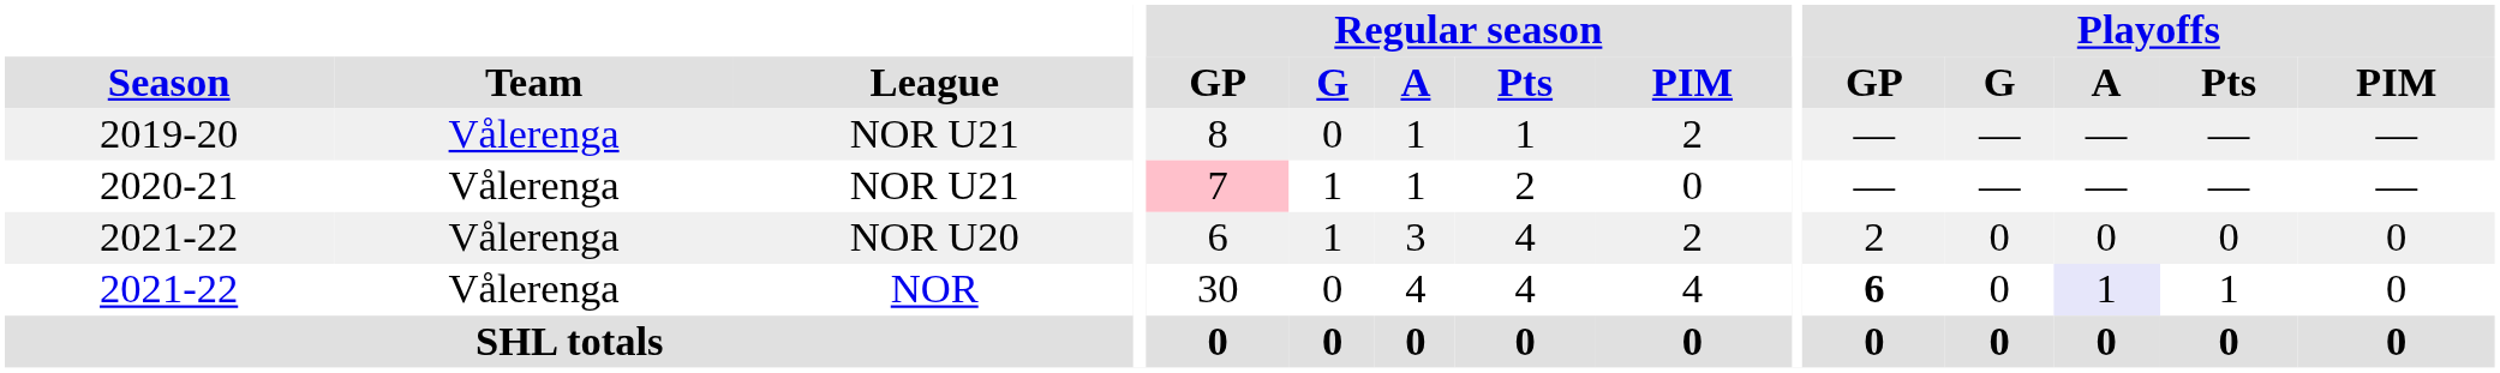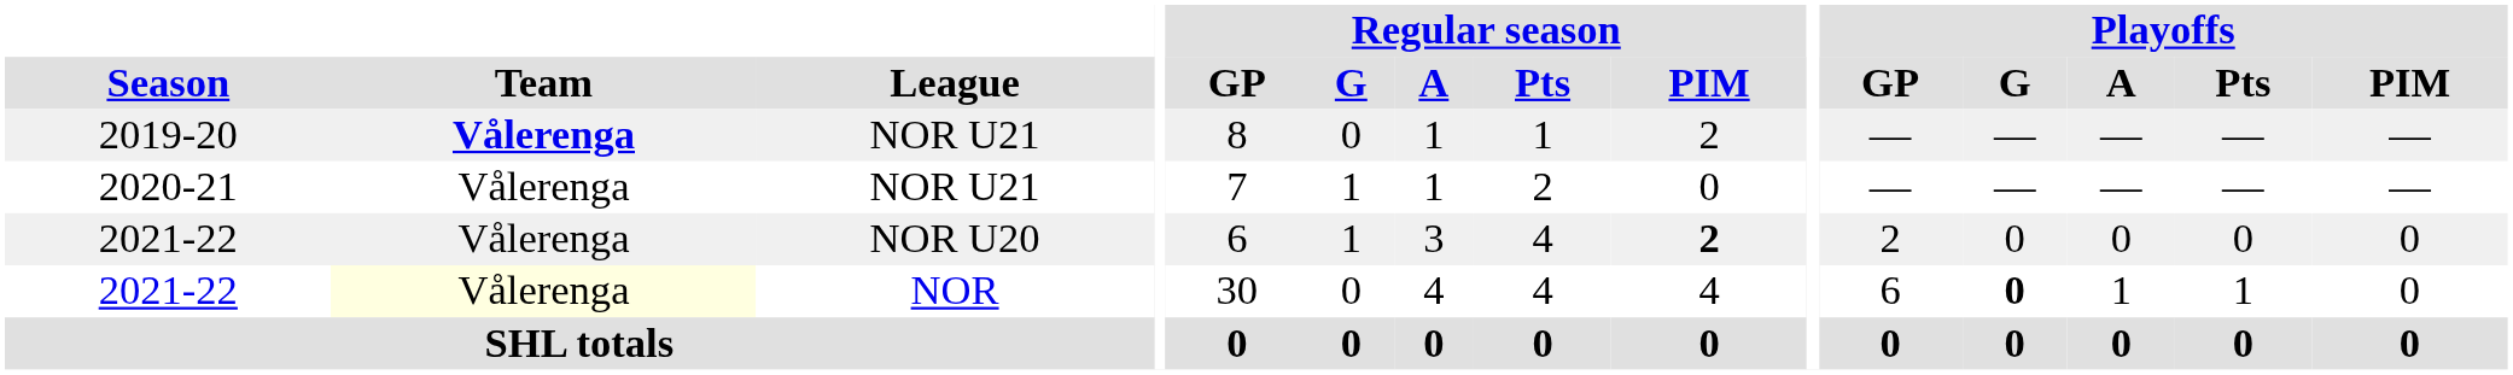 <table border="0" cellpadding="1" cellspacing="0" style="text-align:center; width:60em">
 <tr bgcolor="#e0e0e0">
 <th colspan="3" bgcolor="#ffffff"></th>
 <th rowspan="99" bgcolor="#ffffff"></th>
 <th colspan="5"><a href='#'>Regular season</a></th>
 <th rowspan="99" bgcolor="#ffffff"></th>
 <th colspan="5"><a href='#'>Playoffs</a></th>
 </tr>
 <tr bgcolor="#e0e0e0">
 <th><a href='#'>Season</a></th>
 <th>Team</th>
 <th>League</th>
 <th>GP</th>
 <th><a href='#'>G</a></th>
 <th><a href='#'>A</a></th>
 <th><a href='#'>Pts</a></th>
 <th><a href='#'>PIM</a></th>
 <th>GP</th>
 <th>G</th>
 <th>A</th>
 <th>Pts</th>
 <th>PIM</th>
 </tr>
 <tr bgcolor="#f0f0f0">
 <td>2019-20</td>
-<td><a href='#'>Vålerenga</a></td>
+<td><strong><a href='#'>Vålerenga</a></strong></td>
 <td>NOR U21</td>
 <td>8</td>
 <td>0</td>
 <td>1</td>
 <td>1</td>
 <td>2</td>
 <td>—</td>
 <td>—</td>
 <td>—</td>
 <td>—</td>
 <td>—</td>
 </tr>
 <tr>
 <td>2020-21</td>
 <td>Vålerenga</td>
 <td>NOR U21</td>
-<td style="background: pink;">7</td>
+<td>7</td>
 <td>1</td>
 <td>1</td>
 <td>2</td>
 <td>0</td>
 <td>—</td>
 <td>—</td>
 <td>—</td>
 <td>—</td>
 <td>—</td>
 </tr>
 <tr bgcolor="#f0f0f0">
 <td>2021-22</td>
 <td>Vålerenga</td>
 <td>NOR U20</td>
 <td>6</td>
 <td>1</td>
 <td>3</td>
 <td>4</td>
-<td>2</td>
+<td><strong>2</strong></td>
 <td>2</td>
 <td>0</td>
 <td>0</td>
 <td>0</td>
 <td>0</td>
 </tr>
 <tr>
 <td><a href='#'>2021-22</a></td>
-<td>Vålerenga</td>
+<td style="background: lightyellow;">Vålerenga</td>
 <td><a href='#'>NOR</a></td>
 <td>30</td>
 <td>0</td>
 <td>4</td>
 <td>4</td>
 <td>4</td>
-<td><strong>6</strong></td>
-<td>0</td>
-<td style="background: lavender;">1</td>
+<td>6</td>
+<td><strong>0</strong></td>
+<td>1</td>
 <td>1</td>
 <td>0</td>
 </tr>
 <tr style="background:#e0e0e0;">
 <th colspan="3">SHL totals</th>
 <th>0</th>
 <th>0</th>
 <th>0</th>
 <th>0</th>
 <th>0</th>
 <th>0</th>
 <th>0</th>
 <th>0</th>
 <th>0</th>
 <th>0</th>
 </tr>
 </table>
